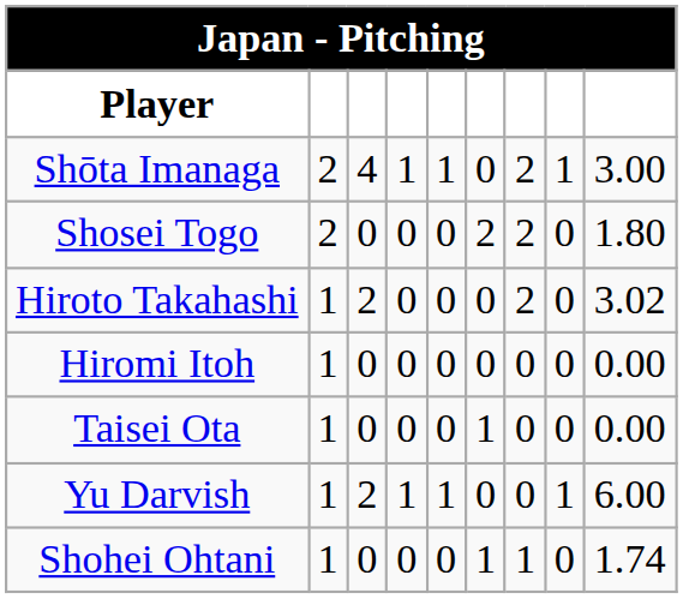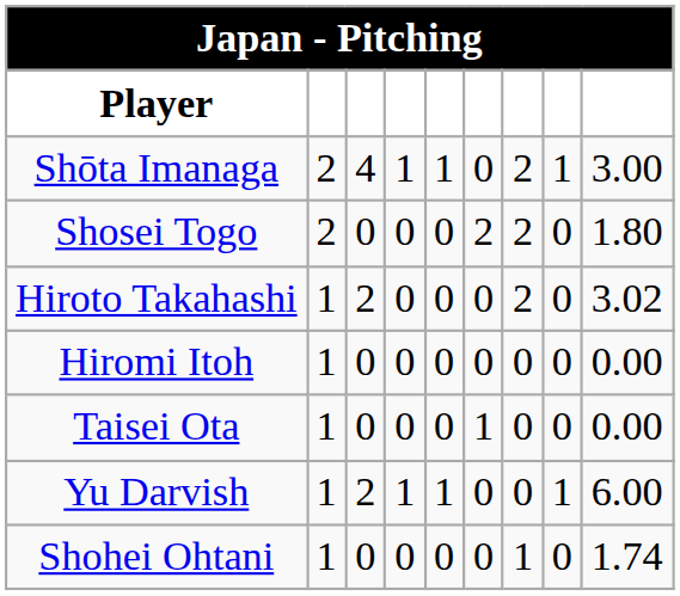 <table class="wikitable sortable" style="text-align:center;">
 <tr>
 <th colspan=10 style="background: #000000; color: #FFFFFF;"> Japan - Pitching</th>
 </tr>
 <tr>
 <th style="background-color: #FFFFFF; color: #000000;">Player</th>
 <th style="background-color: #FFFFFF; color: #000000;"></th>
 <th style="background-color: #FFFFFF; color: #000000;"></th>
 <th style="background-color: #FFFFFF; color: #000000;"></th>
 <th style="background-color: #FFFFFF; color: #000000;"></th>
 <th style="background-color: #FFFFFF; color: #000000;"></th>
 <th style="background-color: #FFFFFF; color: #000000;"></th>
 <th style="background-color: #FFFFFF; color: #000000;"></th>
 <th style="background-color: #FFFFFF; color: #000000;"></th>
 </tr>
 <tr>
 <td><a href='#'>Shōta Imanaga</a></td>
 <td>2</td>
 <td>4</td>
 <td>1</td>
 <td>1</td>
 <td>0</td>
 <td>2</td>
 <td>1</td>
 <td>3.00</td>
 </tr>
 <tr>
 <td><a href='#'>Shosei Togo</a></td>
 <td>2</td>
 <td>0</td>
 <td>0</td>
 <td>0</td>
 <td>2</td>
 <td>2</td>
 <td>0</td>
 <td>1.80</td>
 </tr>
 <tr>
 <td><a href='#'>Hiroto Takahashi</a></td>
 <td>1</td>
 <td>2</td>
 <td>0</td>
 <td>0</td>
 <td>0</td>
 <td>2</td>
 <td>0</td>
 <td>3.02</td>
 </tr>
 <tr>
 <td><a href='#'>Hiromi Itoh</a></td>
 <td>1</td>
 <td>0</td>
 <td>0</td>
 <td>0</td>
 <td>0</td>
 <td>0</td>
 <td>0</td>
 <td>0.00</td>
 </tr>
 <tr>
 <td><a href='#'>Taisei Ota</a></td>
 <td>1</td>
 <td>0</td>
 <td>0</td>
 <td>0</td>
 <td>1</td>
 <td>0</td>
 <td>0</td>
 <td>0.00</td>
 </tr>
 <tr>
 <td><a href='#'>Yu Darvish</a></td>
 <td>1</td>
 <td>2</td>
 <td>1</td>
 <td>1</td>
 <td>0</td>
 <td>0</td>
 <td>1</td>
 <td>6.00</td>
 </tr>
 <tr>
 <td><a href='#'>Shohei Ohtani</a></td>
 <td>1</td>
 <td>0</td>
 <td>0</td>
 <td>0</td>
-<td>1</td>
+<td>0</td>
 <td>1</td>
 <td>0</td>
 <td>1.74</td>
 </tr>
 </table>
